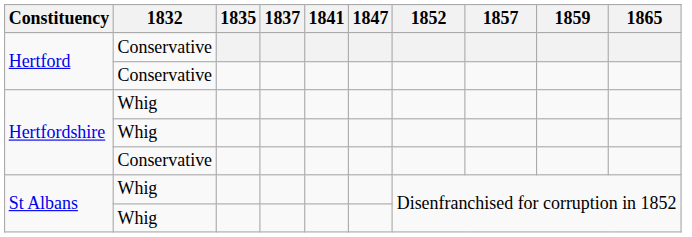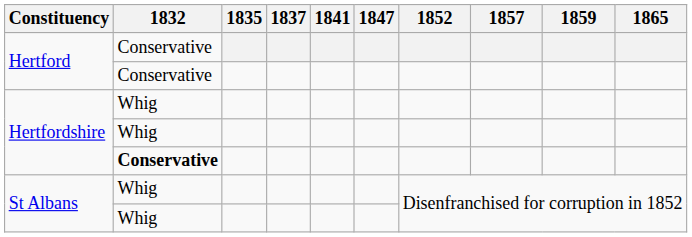 <table class=wikitable sortable>
 <tr>
 <th>Constituency</th>
 <th>1832</th>
 <th>1835</th>
 <th>1837</th>
 <th>1841</th>
 <th>1847</th>
 <th>1852</th>
 <th>1857</th>
 <th>1859</th>
 <th>1865</th>
 </tr>
 <tr>
 <td rowspan=2><a href='#'>Hertford</a></td>
 <td bgcolor=>Conservative</td>
 <th></th>
 <th></th>
 <th></th>
 <th></th>
 <th></th>
 <th></th>
 <th></th>
 <th></th>
 </tr>
 <tr>
 <td bgcolor=>Conservative</td>
 <td></td>
 <td></td>
 <td></td>
 <td></td>
 <td></td>
 <td></td>
 <td></td>
 <td></td>
 </tr>
 <tr>
 <td rowspan=3><a href='#'>Hertfordshire</a></td>
 <td bgcolor=>Whig</td>
 <td></td>
 <td></td>
 <td></td>
 <td></td>
 <td></td>
 <td></td>
 <td></td>
 <td></td>
 </tr>
 <tr>
 <td bgcolor=>Whig</td>
 <td></td>
 <td></td>
 <td></td>
 <td></td>
 <td></td>
 <td></td>
 <td></td>
 <td></td>
 </tr>
 <tr>
-<td bgcolor=>Conservative</td>
+<td bgcolor=><strong>Conservative</strong></td>
 <td></td>
 <td></td>
 <td></td>
 <td></td>
 <td></td>
 <td></td>
 <td></td>
 <td></td>
 </tr>
 <tr>
 <td rowspan=2><a href='#'>St Albans</a></td>
 <td bgcolor=>Whig</td>
 <td></td>
 <td></td>
 <td></td>
 <td></td>
 <td colspan="4" rowspan="2">Disenfranchised for corruption in 1852</td>
 </tr>
 <tr>
 <td bgcolor=>Whig</td>
 <td></td>
 <td></td>
 <td></td>
 <td></td>
 </tr>
 </table>
